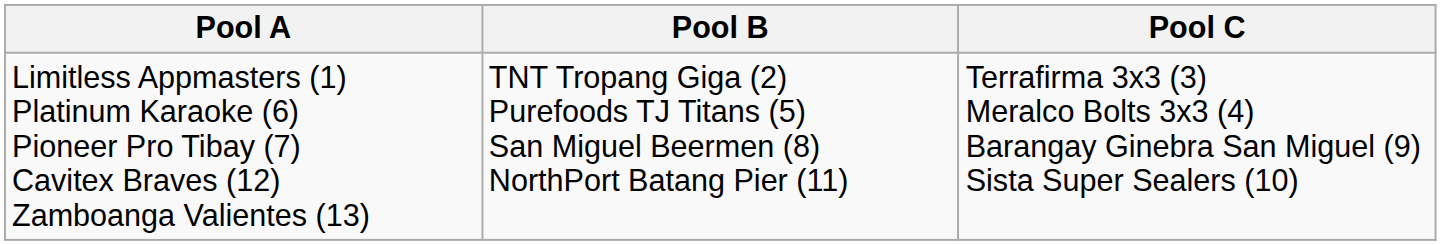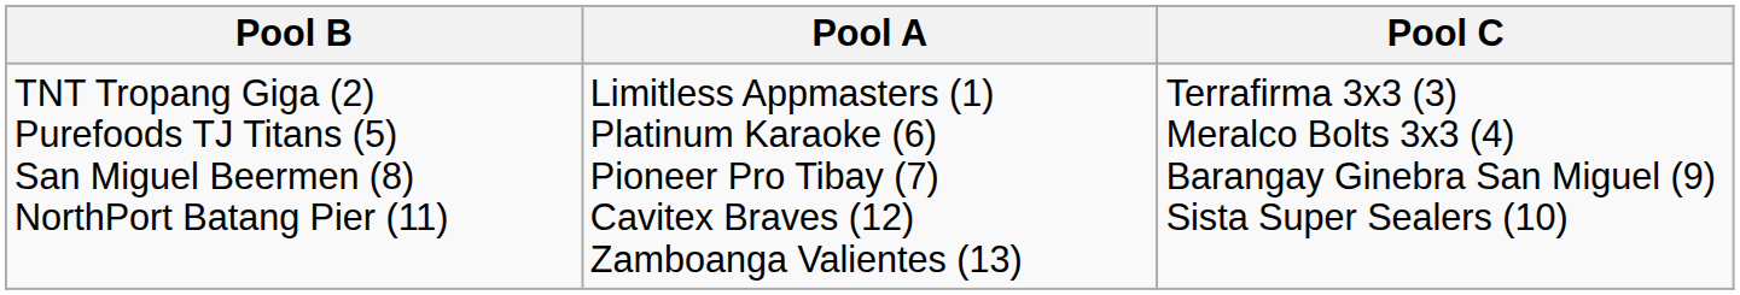 <table class=wikitable width=750>
 <tr>
+<th width=33%>Pool B</th>
 <th width=33%>Pool A</th>
-<th width=33%>Pool B</th>
 <th width=33%>Pool C</th>
 </tr>
 <tr valign=top>
+<td>TNT Tropang Giga (2) <br> Purefoods TJ Titans (5) <br> San Miguel Beermen (8) <br> NorthPort Batang Pier (11)</td>
 <td>Limitless Appmasters (1) <br> Platinum Karaoke (6) <br> Pioneer Pro Tibay (7) <br> Cavitex Braves (12) <br> Zamboanga Valientes (13)</td>
-<td>TNT Tropang Giga (2) <br> Purefoods TJ Titans (5) <br> San Miguel Beermen (8) <br> NorthPort Batang Pier (11)</td>
 <td>Terrafirma 3x3 (3) <br> Meralco Bolts 3x3 (4) <br> Barangay Ginebra San Miguel (9) <br> Sista Super Sealers (10)</td>
 </tr>
 </table>
